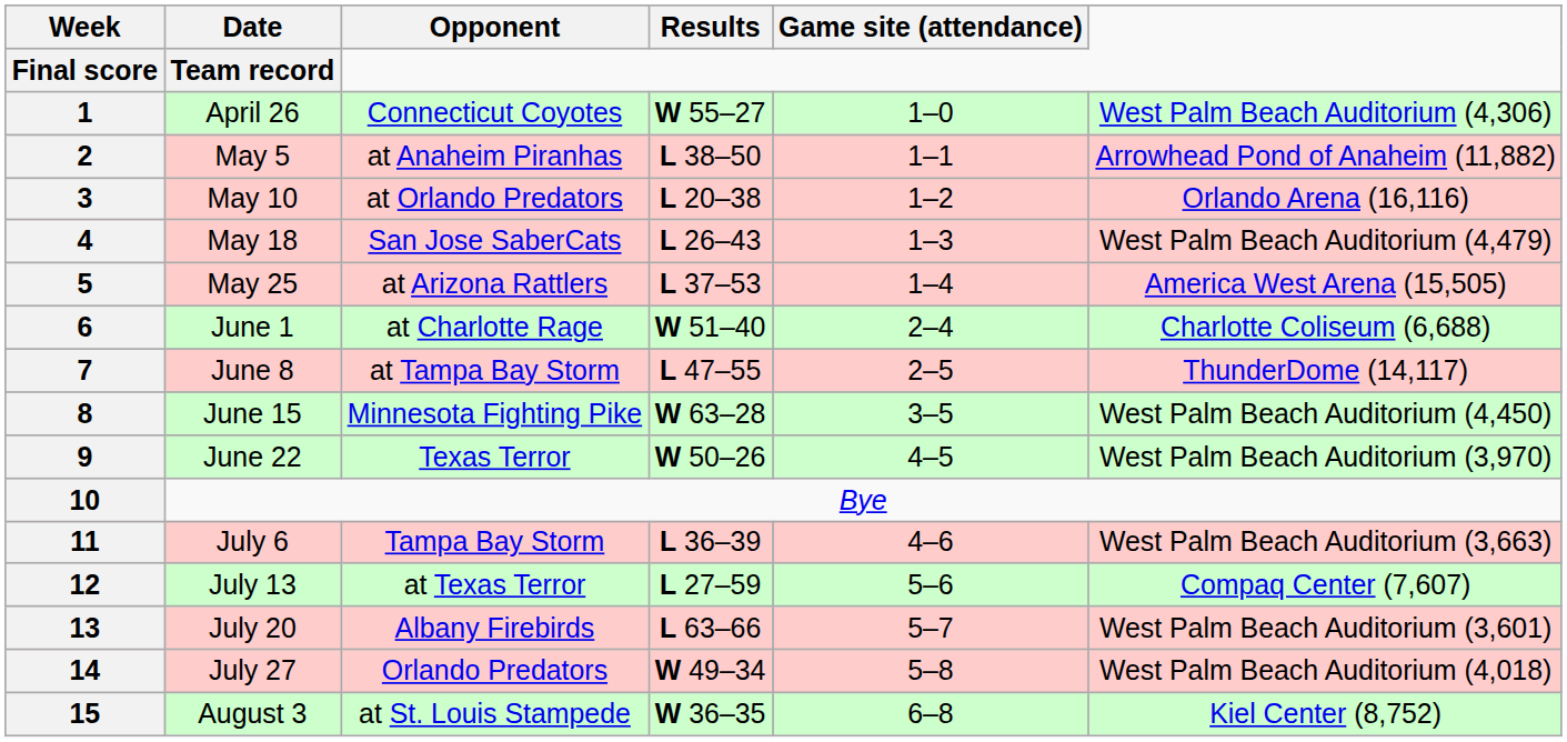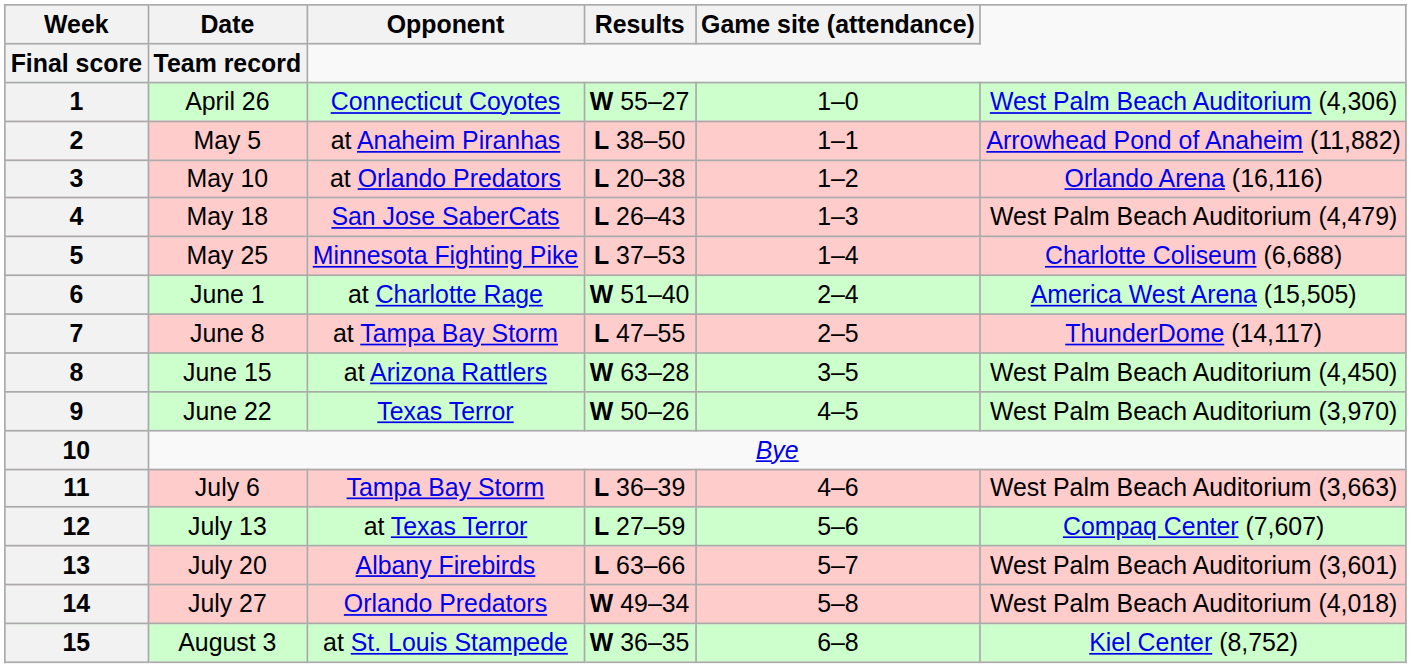 <table class="wikitable" style="font-size: 92%;" "align=center">
 <tr>
 <th>Week</th>
 <th>Date</th>
 <th>Opponent</th>
 <th>Results</th>
 <th>Game site (attendance)</th>
 </tr>
 <tr>
 <th>Final score</th>
 <th>Team record</th>
 </tr>
 <tr style="background:#cfc">
 <th>1</th>
 <td style="text-align:center;">April 26</td>
 <td style="text-align:center;"><a href='#'>Connecticut Coyotes</a></td>
 <td style="text-align:center;"><strong>W</strong> 55–27</td>
 <td style="text-align:center;">1–0</td>
 <td style="text-align:center;"><a href='#'>West Palm Beach Auditorium</a> (4,306)</td>
 </tr>
 <tr style="background:#fcc">
 <th>2</th>
 <td style="text-align:center;">May 5</td>
 <td style="text-align:center;">at <a href='#'>Anaheim Piranhas</a></td>
 <td style="text-align:center;"><strong>L</strong> 38–50</td>
 <td style="text-align:center;">1–1</td>
 <td style="text-align:center;"><a href='#'>Arrowhead Pond of Anaheim</a> (11,882)</td>
 </tr>
 <tr style="background:#fcc">
 <th>3</th>
 <td style="text-align:center;">May 10</td>
 <td style="text-align:center;">at <a href='#'>Orlando Predators</a></td>
 <td style="text-align:center;"><strong>L</strong> 20–38</td>
 <td style="text-align:center;">1–2</td>
 <td style="text-align:center;"><a href='#'>Orlando Arena</a> (16,116)</td>
 </tr>
 <tr style="background:#fcc">
 <th>4</th>
 <td style="text-align:center;">May 18</td>
 <td style="text-align:center;"><a href='#'>San Jose SaberCats</a></td>
 <td style="text-align:center;"><strong>L</strong> 26–43</td>
 <td style="text-align:center;">1–3</td>
 <td style="text-align:center;">West Palm Beach Auditorium (4,479)</td>
 </tr>
 <tr style="background:#fcc">
 <th>5</th>
 <td style="text-align:center;">May 25</td>
-<td style="text-align:center;">at <a href='#'>Arizona Rattlers</a></td>
+<td style="text-align:center;"><a href='#'>Minnesota Fighting Pike</a></td>
 <td style="text-align:center;"><strong>L</strong> 37–53</td>
 <td style="text-align:center;">1–4</td>
-<td style="text-align:center;"><a href='#'>America West Arena</a> (15,505)</td>
+<td style="text-align:center;"><a href='#'>Charlotte Coliseum</a> (6,688)</td>
 </tr>
 <tr style="background:#cfc">
 <th>6</th>
 <td style="text-align:center;">June 1</td>
 <td style="text-align:center;">at <a href='#'>Charlotte Rage</a></td>
 <td style="text-align:center;"><strong>W</strong> 51–40</td>
 <td style="text-align:center;">2–4</td>
-<td style="text-align:center;"><a href='#'>Charlotte Coliseum</a> (6,688)</td>
+<td style="text-align:center;"><a href='#'>America West Arena</a> (15,505)</td>
 </tr>
 <tr style="background:#fcc">
 <th>7</th>
 <td style="text-align:center;">June 8</td>
 <td style="text-align:center;">at <a href='#'>Tampa Bay Storm</a></td>
 <td style="text-align:center;"><strong>L</strong> 47–55</td>
 <td style="text-align:center;">2–5</td>
 <td style="text-align:center;"><a href='#'>ThunderDome</a> (14,117)</td>
 </tr>
 <tr style="background:#cfc">
 <th>8</th>
 <td style="text-align:center;">June 15</td>
-<td style="text-align:center;"><a href='#'>Minnesota Fighting Pike</a></td>
+<td style="text-align:center;">at <a href='#'>Arizona Rattlers</a></td>
 <td style="text-align:center;"><strong>W</strong> 63–28</td>
 <td style="text-align:center;">3–5</td>
 <td style="text-align:center;">West Palm Beach Auditorium (4,450)</td>
 </tr>
 <tr style="background:#cfc">
 <th>9</th>
 <td style="text-align:center;">June 22</td>
 <td style="text-align:center;"><a href='#'>Texas Terror</a></td>
 <td style="text-align:center;"><strong>W</strong> 50–26</td>
 <td style="text-align:center;">4–5</td>
 <td style="text-align:center;">West Palm Beach Auditorium (3,970)</td>
 </tr>
 <tr style=>
 <th>10</th>
 <td colspan="8" style="text-align:center;"><em><a href='#'>Bye</a></em></td>
 </tr>
 <tr style="background:#fcc">
 <th>11</th>
 <td style="text-align:center;">July 6</td>
 <td style="text-align:center;"><a href='#'>Tampa Bay Storm</a></td>
 <td style="text-align:center;"><strong>L</strong> 36–39</td>
 <td style="text-align:center;">4–6</td>
 <td style="text-align:center;">West Palm Beach Auditorium (3,663)</td>
 </tr>
 <tr style="background:#cfc">
 <th>12</th>
 <td style="text-align:center;">July 13</td>
 <td style="text-align:center;">at <a href='#'>Texas Terror</a></td>
 <td style="text-align:center;"><strong>L</strong> 27–59</td>
 <td style="text-align:center;">5–6</td>
 <td style="text-align:center;"><a href='#'>Compaq Center</a> (7,607)</td>
 </tr>
 <tr style="background:#fcc">
 <th>13</th>
 <td style="text-align:center;">July 20</td>
 <td style="text-align:center;"><a href='#'>Albany Firebirds</a></td>
 <td style="text-align:center;"><strong>L</strong> 63–66</td>
 <td style="text-align:center;">5–7</td>
 <td style="text-align:center;">West Palm Beach Auditorium (3,601)</td>
 </tr>
 <tr style="background:#fcc">
 <th>14</th>
 <td style="text-align:center;">July 27</td>
 <td style="text-align:center;"><a href='#'>Orlando Predators</a></td>
 <td style="text-align:center;"><strong>W</strong> 49–34</td>
 <td style="text-align:center;">5–8</td>
 <td style="text-align:center;">West Palm Beach Auditorium (4,018)</td>
 </tr>
 <tr style="background:#cfc">
 <th>15</th>
 <td style="text-align:center;">August 3</td>
 <td style="text-align:center;">at <a href='#'>St. Louis Stampede</a></td>
 <td style="text-align:center;"><strong>W</strong> 36–35</td>
 <td style="text-align:center;">6–8</td>
 <td style="text-align:center;"><a href='#'>Kiel Center</a> (8,752)</td>
 </tr>
 </table>
